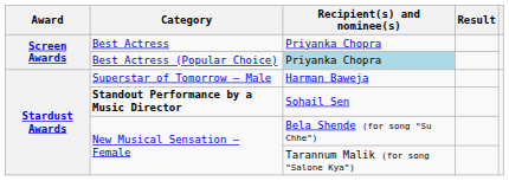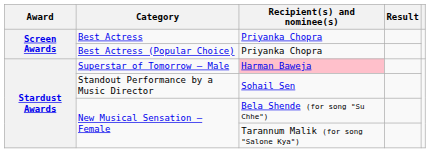 <table class="wikitable plainrowheaders sortable">
 <tr>
 <th scope="col">Award</th>
 <th scope="col">Category</th>
 <th scope="col">Recipient(s) and nominee(s)</th>
 <th scope="col">Result</th>
 <th scope="col" class="unsortable"></th>
 </tr>
 <tr>
 <th scope="row" rowspan="2"><a href='#'>Screen Awards</a></th>
 <td><a href='#'>Best Actress</a></td>
 <td><a href='#'>Priyanka Chopra</a></td>
 <td></td>
 <td style="text-align:center;" rowspan="2"><br><br></td>
 </tr>
 <tr>
 <td><a href='#'>Best Actress (Popular Choice)</a></td>
-<td style="background: lightblue;">Priyanka Chopra</td>
+<td>Priyanka Chopra</td>
 <td></td>
 </tr>
 <tr>
 <th scope="row" rowspan="4"><a href='#'>Stardust Awards</a></th>
 <td><a href='#'>Superstar of Tomorrow – Male</a></td>
-<td><a href='#'>Harman Baweja</a></td>
+<td style="background: pink;"><a href='#'>Harman Baweja</a></td>
 <td></td>
 <td style="text-align:center;" rowspan="4"></td>
 </tr>
 <tr>
-<td><strong>Standout Performance by a Music Director</strong></td>
+<td>Standout Performance by a Music Director</td>
 <td><a href='#'>Sohail Sen</a></td>
 <td></td>
 </tr>
 <tr>
 <td rowspan="2"><a href='#'>New Musical Sensation – Female</a></td>
 <td><a href='#'>Bela Shende</a> <small>(for song "Su Chhe")</small></td>
 <td></td>
 </tr>
 <tr>
 <td>Tarannum Malik <small>(for song "Salone Kya")</small></td>
 <td></td>
 </tr>
 </table>
